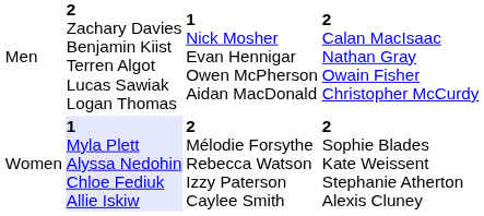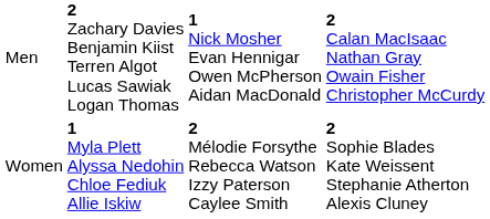 <table>
 <tr>
 <td>Men</td>
 <td><strong> 2</strong><br>Zachary Davies<br>Benjamin Kiist<br>Terren Algot<br>Lucas Sawiak<br>Logan Thomas</td>
 <td><strong> 1</strong><br><a href='#'>Nick Mosher</a><br>Evan Hennigar<br>Owen McPherson<br>Aidan MacDonald</td>
 <td><strong> 2</strong><br><a href='#'>Calan MacIsaac</a><br><a href='#'>Nathan Gray</a><br><a href='#'>Owain Fisher</a><br><a href='#'>Christopher McCurdy</a></td>
 </tr>
 <tr>
 <td>Women</td>
-<td style="background: lavender;"><strong> 1</strong><br><a href='#'>Myla Plett</a><br><a href='#'>Alyssa Nedohin</a><br><a href='#'>Chloe Fediuk</a><br><a href='#'>Allie Iskiw</a></td>
+<td><strong> 1</strong><br><a href='#'>Myla Plett</a><br><a href='#'>Alyssa Nedohin</a><br><a href='#'>Chloe Fediuk</a><br><a href='#'>Allie Iskiw</a></td>
 <td><strong> 2</strong><br>Mélodie Forsythe<br>Rebecca Watson<br>Izzy Paterson<br>Caylee Smith</td>
 <td><strong> 2</strong><br>Sophie Blades<br>Kate Weissent<br>Stephanie Atherton<br>Alexis Cluney</td>
 </tr>
 </table>
